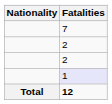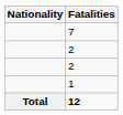 <table class="wikitable" align=left>
 <tr style="background:#ccf;">
 <th>Nationality</th>
 <th>Fatalities</th>
 </tr>
 <tr>
 <td></td>
 <td>7</td>
 </tr>
 <tr>
 <td></td>
 <td>2</td>
 </tr>
 <tr>
 <td></td>
 <td>2</td>
 </tr>
 <tr>
 <td></td>
-<td style="background: lavender;">1</td>
+<td>1</td>
 </tr>
 <tr>
 <th>Total</th>
 <td><strong>12</strong></td>
 </tr>
 </table>
